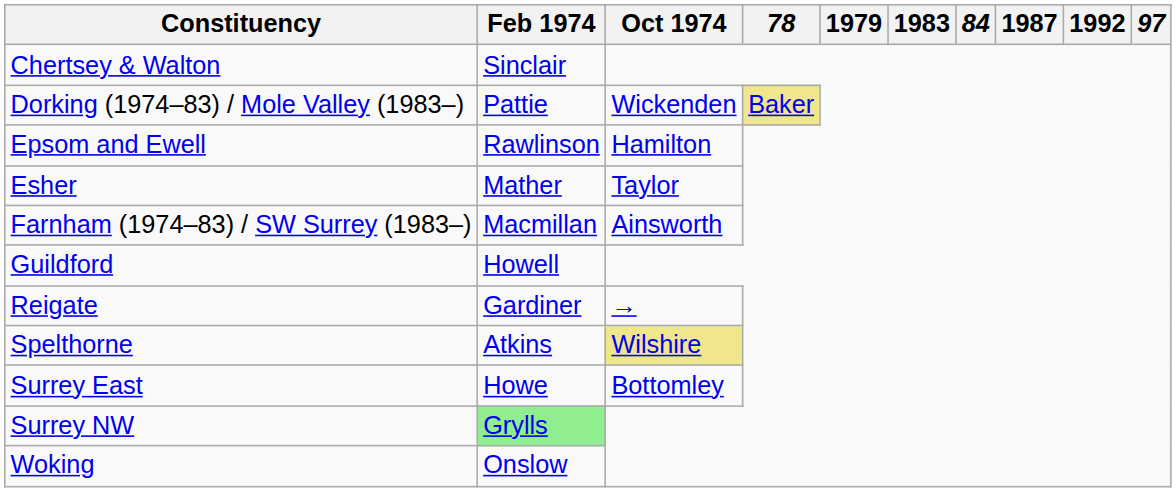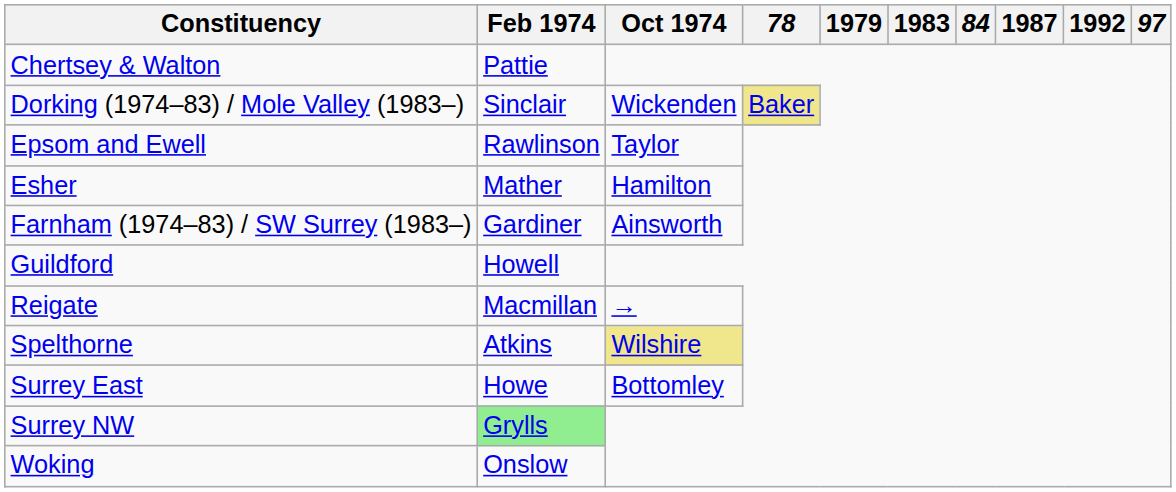 <table class="wikitable">
 <tr>
 <th>Constituency</th>
 <th>Feb 1974</th>
 <th>Oct 1974</th>
 <th><em>78</em></th>
 <th>1979</th>
 <th>1983</th>
 <th><em>84</em></th>
 <th>1987</th>
 <th>1992</th>
 <th><em>97</em></th>
 </tr>
 <tr>
 <td><a href='#'>Chertsey & Walton</a></td>
-<td><a href='#'>Sinclair</a></td>
+<td><a href='#'>Pattie</a></td>
 </tr>
 <tr>
 <td><a href='#'>Dorking</a> (1974–83) / <a href='#'>Mole Valley</a> (1983–)</td>
-<td><a href='#'>Pattie</a></td>
+<td><a href='#'>Sinclair</a></td>
 <td><a href='#'>Wickenden</a></td>
 <td style="background: khaki;"><a href='#'>Baker</a></td>
 </tr>
 <tr>
 <td><a href='#'>Epsom and Ewell</a></td>
 <td><a href='#'>Rawlinson</a></td>
-<td><a href='#'>Hamilton</a></td>
+<td><a href='#'>Taylor</a></td>
 </tr>
 <tr>
 <td><a href='#'>Esher</a></td>
 <td><a href='#'>Mather</a></td>
-<td><a href='#'>Taylor</a></td>
+<td><a href='#'>Hamilton</a></td>
 </tr>
 <tr>
 <td><a href='#'>Farnham</a> (1974–83) / <a href='#'>SW Surrey</a> (1983–)</td>
-<td><a href='#'>Macmillan</a></td>
+<td><a href='#'>Gardiner</a></td>
 <td><a href='#'>Ainsworth</a></td>
 </tr>
 <tr>
 <td><a href='#'>Guildford</a></td>
 <td><a href='#'>Howell</a></td>
 </tr>
 <tr>
 <td><a href='#'>Reigate</a></td>
-<td><a href='#'>Gardiner</a></td>
+<td><a href='#'>Macmillan</a></td>
 <td><a href='#'>→</a></td>
 </tr>
 <tr>
 <td><a href='#'>Spelthorne</a></td>
 <td><a href='#'>Atkins</a></td>
 <td style="background: khaki;"><a href='#'>Wilshire</a></td>
 </tr>
 <tr>
 <td><a href='#'>Surrey East</a></td>
 <td><a href='#'>Howe</a></td>
 <td><a href='#'>Bottomley</a></td>
 </tr>
 <tr>
 <td><a href='#'>Surrey NW</a></td>
 <td style="background: lightgreen;"><a href='#'>Grylls</a></td>
 </tr>
 <tr>
 <td><a href='#'>Woking</a></td>
 <td><a href='#'>Onslow</a></td>
 </tr>
 </table>
